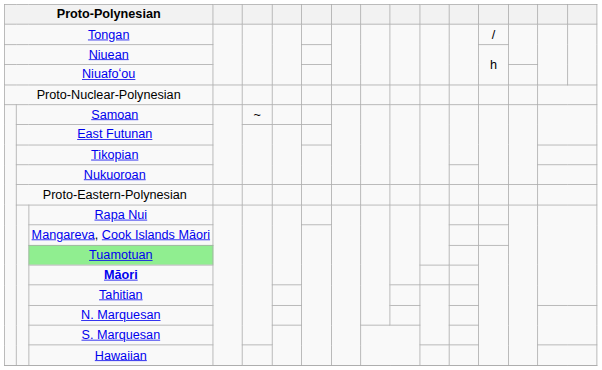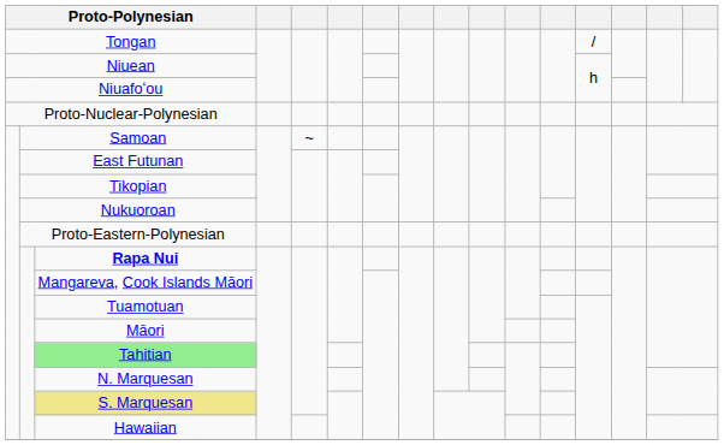 <table class="wikitable" style="text-align: center;">
 <tr>
 <th colspan="3">Proto-Polynesian</th>
 <th width=30></th>
 <th width=30></th>
 <th width=30></th>
 <th width=30></th>
 <th width=30></th>
 <th width=30></th>
 <th width=30></th>
 <th width=30></th>
 <th width=30></th>
 <th width=30></th>
 <th width=30></th>
 <th width=30></th>
 <th width=30></th>
 </tr>
 <tr>
 <td colspan=3><a href='#'>Tongan</a></td>
 <td rowspan=3></td>
 <td rowspan=3></td>
 <td rowspan=3></td>
 <td></td>
 <td rowspan=3></td>
 <td rowspan=3></td>
 <td rowspan=3></td>
 <td rowspan=3></td>
 <td rowspan=3></td>
 <td>/</td>
 <td rowspan="2"></td>
 <td rowspan="3"></td>
 <td rowspan=3></td>
 </tr>
 <tr>
 <td colspan=3><a href='#'>Niuean</a></td>
 <td></td>
 <td rowspan="2">h</td>
 </tr>
 <tr>
 <td colspan=3><a href='#'>Niuafoʻou</a></td>
 <td></td>
 <td></td>
 </tr>
 <tr>
 <td colspan=3>Proto-Nuclear-Polynesian</td>
 <td></td>
 <td></td>
 <td></td>
 <td></td>
 <td></td>
 <td></td>
 <td></td>
 <td></td>
 <td></td>
 <td></td>
 <td></td>
 <td colspan=2></td>
 </tr>
 <tr>
 <td rowspan=13 width=8></td>
 <td colspan=2><a href='#'>Samoan</a></td>
 <td rowspan=4></td>
 <td>~</td>
 <td></td>
 <td></td>
 <td rowspan=4></td>
 <td rowspan=4></td>
 <td rowspan=4></td>
 <td rowspan=4></td>
 <td rowspan=3></td>
 <td rowspan=4></td>
 <td rowspan=4></td>
 <td rowspan=2 colspan=2></td>
 </tr>
 <tr>
 <td colspan=2><a href='#'>East Futunan</a></td>
 <td rowspan=3></td>
 <td rowspan=3></td>
 <td></td>
 </tr>
 <tr>
 <td colspan=2><a href='#'>Tikopian</a></td>
 <td rowspan=2></td>
 <td colspan=2></td>
 </tr>
 <tr>
 <td colspan=2><a href='#'>Nukuoroan</a></td>
 <td></td>
 <td colspan=2></td>
 </tr>
 <tr>
 <td colspan=2>Proto-Eastern-Polynesian</td>
 <td></td>
 <td></td>
 <td></td>
 <td></td>
 <td></td>
 <td></td>
 <td></td>
 <td></td>
 <td></td>
 <td></td>
 <td></td>
 <td colspan=2></td>
 </tr>
 <tr>
 <td rowspan=8 width=8></td>
-<td><a href='#'>Rapa Nui</a></td>
+<td><strong><a href='#'>Rapa Nui</a></strong></td>
 <td rowspan=8></td>
 <td rowspan=7></td>
 <td rowspan=4></td>
 <td></td>
 <td rowspan=8></td>
 <td rowspan=6></td>
 <td rowspan=4></td>
 <td rowspan=3></td>
 <td></td>
 <td></td>
 <td rowspan=8></td>
 <td colspan=2 rowspan=5></td>
 </tr>
 <tr>
 <td><a href='#'>Mangareva</a>, <a href='#'>Cook Islands Māori</a></td>
 <td rowspan=7></td>
 <td></td>
 <td></td>
 </tr>
 <tr>
-<td style="background: lightgreen;"><a href='#'>Tuamotuan</a></td>
+<td><a href='#'>Tuamotuan</a></td>
 <td></td>
 <td rowspan=6></td>
 </tr>
 <tr>
-<td><strong><a href='#'>Māori</a></strong></td>
+<td><a href='#'>Māori</a></td>
 <td></td>
 <td></td>
 </tr>
 <tr>
-<td><a href='#'>Tahitian</a></td>
+<td style="background: lightgreen;"><a href='#'>Tahitian</a></td>
 <td></td>
 <td></td>
 <td rowspan=3></td>
 <td></td>
 </tr>
 <tr>
 <td><a href='#'>N. Marquesan</a></td>
 <td></td>
 <td></td>
 <td></td>
 <td rowspan=2 colspan=2></td>
 </tr>
 <tr>
-<td><a href='#'>S. Marquesan</a></td>
+<td style="background: khaki;"><a href='#'>S. Marquesan</a></td>
 <td rowspan=2></td>
 <td colspan=2 rowspan=2></td>
 <td></td>
 </tr>
 <tr>
 <td><a href='#'>Hawaiian</a></td>
 <td></td>
 <td></td>
 <td></td>
 <td colspan=2></td>
 </tr>
 <tr>
 </tr>
 </table>
